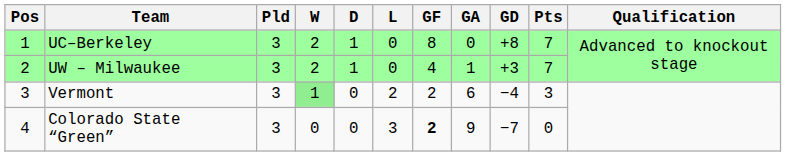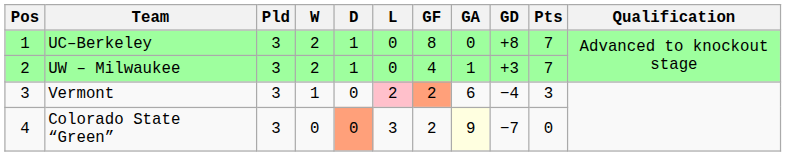 <table class="wikitable" style="text-align:center; margin: 1em auto">
 <tr>
 <th style="width:2em">Pos</th>
 <th style="width:13em">Team</th>
 <th style="width:2em">Pld</th>
 <th style="width:2em">W</th>
 <th style="width:2em">D</th>
 <th style="width:2em">L</th>
 <th style="width:2em">GF</th>
 <th style="width:2em">GA</th>
 <th style="width:2em">GD</th>
 <th style="width:2em">Pts</th>
 <th style="width:13em">Qualification</th>
 </tr>
 <tr bgcolor="#9eff9e">
 <td>1</td>
 <td style="text-align:left">UC–Berkeley</td>
 <td>3</td>
 <td>2</td>
 <td>1</td>
 <td>0</td>
 <td>8</td>
 <td>0</td>
 <td>+8</td>
 <td>7</td>
 <td rowspan="2">Advanced to knockout stage</td>
 </tr>
 <tr bgcolor="#9eff9e">
 <td>2</td>
 <td style="text-align:left">UW – Milwaukee</td>
 <td>3</td>
 <td>2</td>
 <td>1</td>
 <td>0</td>
 <td>4</td>
 <td>1</td>
 <td>+3</td>
 <td>7</td>
 </tr>
 <tr>
 <td>3</td>
 <td style="text-align:left">Vermont</td>
 <td>3</td>
-<td style="background: lightgreen;">1</td>
+<td>1</td>
 <td>0</td>
-<td>2</td>
-<td>2</td>
+<td style="background: pink;">2</td>
+<td style="background: lightsalmon;">2</td>
 <td>6</td>
 <td>−4</td>
 <td>3</td>
 </tr>
 <tr>
 <td>4</td>
 <td style="text-align:left">Colorado State “Green”</td>
 <td>3</td>
 <td>0</td>
-<td>0</td>
+<td style="background: lightsalmon;">0</td>
 <td>3</td>
-<td><strong>2</strong></td>
-<td>9</td>
+<td>2</td>
+<td style="background: lightyellow;">9</td>
 <td>−7</td>
 <td>0</td>
 </tr>
 </table>
